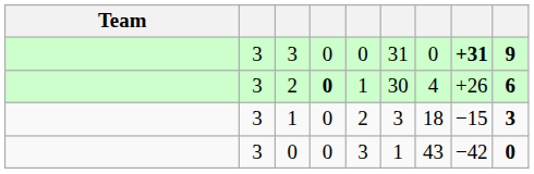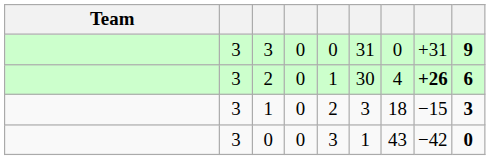 <table class="wikitable" style="text-align: center;">
 <tr>
 <th width="175">Team</th>
 <th width="20"></th>
 <th width="20"></th>
 <th width="20"></th>
 <th width="20"></th>
 <th width="20"></th>
 <th width="20"></th>
 <th width="20"></th>
 <th width="20"></th>
 </tr>
 <tr bgcolor="#ccffcc">
 <td align=left></td>
 <td>3</td>
 <td>3</td>
 <td>0</td>
 <td>0</td>
 <td>31</td>
 <td>0</td>
-<td><strong>+31</strong></td>
+<td>+31</td>
 <td><strong>9</strong></td>
 </tr>
 <tr bgcolor="#ccffcc">
 <td align=left></td>
 <td>3</td>
 <td>2</td>
-<td><strong>0</strong></td>
+<td>0</td>
 <td>1</td>
 <td>30</td>
 <td>4</td>
-<td>+26</td>
+<td><strong>+26</strong></td>
 <td><strong>6</strong></td>
 </tr>
 <tr bgcolor=>
 <td align=left><em></em></td>
 <td>3</td>
 <td>1</td>
 <td>0</td>
 <td>2</td>
 <td>3</td>
 <td>18</td>
 <td>−15</td>
 <td><strong>3</strong></td>
 </tr>
 <tr bgcolor=>
 <td align=left></td>
 <td>3</td>
 <td>0</td>
 <td>0</td>
 <td>3</td>
 <td>1</td>
 <td>43</td>
 <td>−42</td>
 <td><strong>0</strong></td>
 </tr>
 </table>
